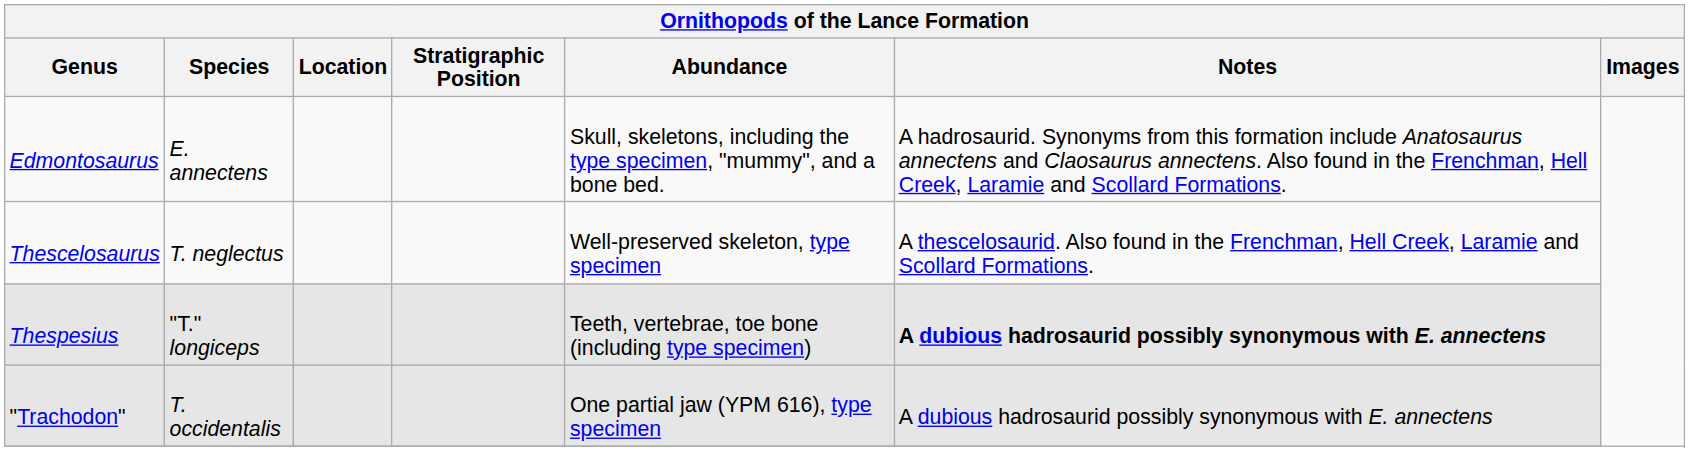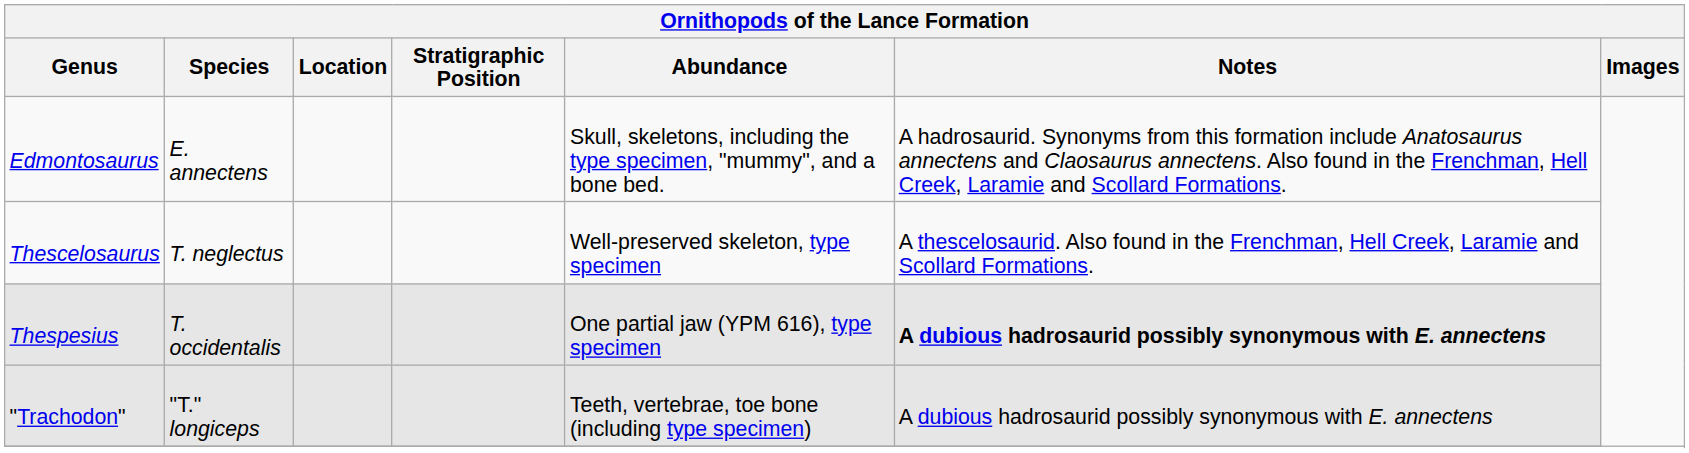 <table class="wikitable" align="center" width="100%">
 <tr>
 <th colspan="7" align="center"><strong><a href='#'>Ornithopods</a> of the Lance Formation</strong></th>
 </tr>
 <tr>
 <th>Genus</th>
 <th>Species</th>
 <th>Location</th>
 <th>Stratigraphic Position</th>
 <th>Abundance</th>
 <th>Notes</th>
 <th>Images</th>
 </tr>
 <tr>
 <td><br><em><a href='#'>Edmontosaurus</a></em></td>
 <td><br><em>E. annectens</em></td>
 <td></td>
 <td></td>
 <td><br>Skull, skeletons, including the <a href='#'>type specimen</a>, "mummy", and a bone bed.</td>
 <td><br>A hadrosaurid. Synonyms from this formation include <em>Anatosaurus annectens</em> and <em>Claosaurus annectens</em>. Also found in the <a href='#'>Frenchman</a>, <a href='#'>Hell Creek</a>, <a href='#'>Laramie</a> and <a href='#'>Scollard Formations</a>.</td>
 <td rowspan="99"><br> </td>
 </tr>
 <tr>
 <td><br><em><a href='#'>Thescelosaurus</a></em></td>
 <td><br><em>T. neglectus</em></td>
 <td></td>
 <td></td>
 <td><br>Well-preserved skeleton, <a href='#'>type specimen</a></td>
 <td><br>A <a href='#'>thescelosaurid</a>. Also found in the <a href='#'>Frenchman</a>, <a href='#'>Hell Creek</a>, <a href='#'>Laramie</a> and <a href='#'>Scollard Formations</a>.</td>
 </tr>
 <tr>
 <td rowspan="1" style="background:#E6E6E6;"><br><em><a href='#'>Thespesius</a></em></td>
+<td style="background:#E6E6E6;"><br><em>T. occidentalis</em></td>
+<td style="background:#E6E6E6;"></td>
+<td style="background:#E6E6E6;"></td>
+<td style="background:#E6E6E6;"><br>One partial jaw (YPM 616), <a href='#'>type specimen</a></td>
+<td style="background:#E6E6E6;"><strong><br>A <a href='#'>dubious</a> hadrosaurid possibly synonymous with <em>E. annectens</em></strong></td>
+</tr>
+<tr>
+<td rowspan="1" style="background:#E6E6E6;"><br>"<a href='#'>Trachodon</a>"</td>
 <td style="background:#E6E6E6;"><br>"T." <em>longiceps</em></td>
 <td style="background:#E6E6E6;"></td>
 <td style="background:#E6E6E6;"></td>
 <td style="background:#E6E6E6;"><br>Teeth, vertebrae, toe bone (including <a href='#'>type specimen</a>)</td>
-<td style="background:#E6E6E6;"><strong><br>A <a href='#'>dubious</a> hadrosaurid possibly synonymous with <em>E. annectens</em></strong></td>
-</tr>
-<tr>
-<td rowspan="1" style="background:#E6E6E6;"><br>"<a href='#'>Trachodon</a>"</td>
-<td style="background:#E6E6E6;"><br><em>T. occidentalis</em></td>
-<td style="background:#E6E6E6;"></td>
-<td style="background:#E6E6E6;"></td>
-<td style="background:#E6E6E6;"><br>One partial jaw (YPM 616), <a href='#'>type specimen</a></td>
 <td style="background:#E6E6E6;"><br>A <a href='#'>dubious</a> hadrosaurid possibly synonymous with <em>E. annectens</em></td>
 </tr>
 <tr>
 </tr>
 </table>
